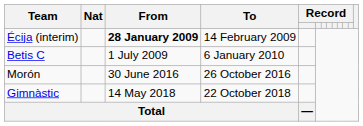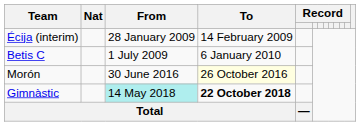 <table class="wikitable" style="text-align: center">
 <tr>
 <th rowspan="2">Team</th>
 <th rowspan="2">Nat</th>
 <th rowspan="2">From</th>
 <th rowspan="2">To</th>
 <th colspan="8">Record</th>
 <th rowspan=2></th>
 </tr>
 <tr>
 <th></th>
 <th></th>
 <th></th>
 <th></th>
 <th></th>
 <th></th>
 <th></th>
 <th></th>
 </tr>
 <tr>
 <td align=left><a href='#'>Écija</a> (interim)</td>
 <td></td>
-<td align=left><strong>28 January 2009</strong></td>
+<td align=left>28 January 2009</td>
 <td align=left>14 February 2009<br></td>
 <td></td>
 </tr>
 <tr>
 <td align=left><a href='#'>Betis C</a></td>
 <td></td>
 <td align=left>1 July 2009</td>
 <td align=left>6 January 2010<br></td>
 <td></td>
 </tr>
 <tr>
 <td align=left>Morón</td>
 <td></td>
 <td align=left>30 June 2016</td>
-<td align=left>26 October 2016<br></td>
+<td align=left style="background: lightyellow;">26 October 2016<br></td>
 <td></td>
 </tr>
 <tr>
 <td align=left><a href='#'>Gimnàstic</a></td>
 <td></td>
-<td align=left>14 May 2018</td>
-<td align=left>22 October 2018<br></td>
+<td align=left style="background: paleturquoise;">14 May 2018</td>
+<td align=left><strong>22 October 2018<br></strong></td>
 <td></td>
 </tr>
 <tr>
 <th colspan="4">Total<br></th>
 <th>—</th>
 </tr>
 </table>
